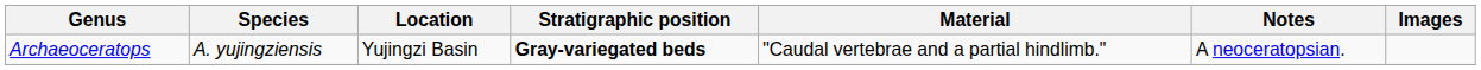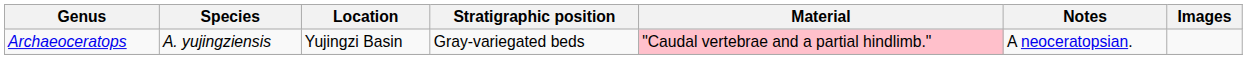 <table class="wikitable" align="center" width="100%">
 <tr>
 <th>Genus</th>
 <th>Species</th>
 <th>Location</th>
 <th>Stratigraphic position</th>
 <th>Material</th>
 <th>Notes</th>
 <th>Images</th>
 </tr>
 <tr>
 <td><em><a href='#'>Archaeoceratops</a></em></td>
 <td><em>A. yujingziensis</em></td>
 <td>Yujingzi Basin</td>
-<td><strong>Gray-variegated beds</strong></td>
-<td>"Caudal vertebrae and a partial hindlimb."</td>
+<td>Gray-variegated beds</td>
+<td style="background: pink;">"Caudal vertebrae and a partial hindlimb."</td>
 <td>A <a href='#'>neoceratopsian</a>.</td>
 <td></td>
 </tr>
 <tr>
 </tr>
 </table>
